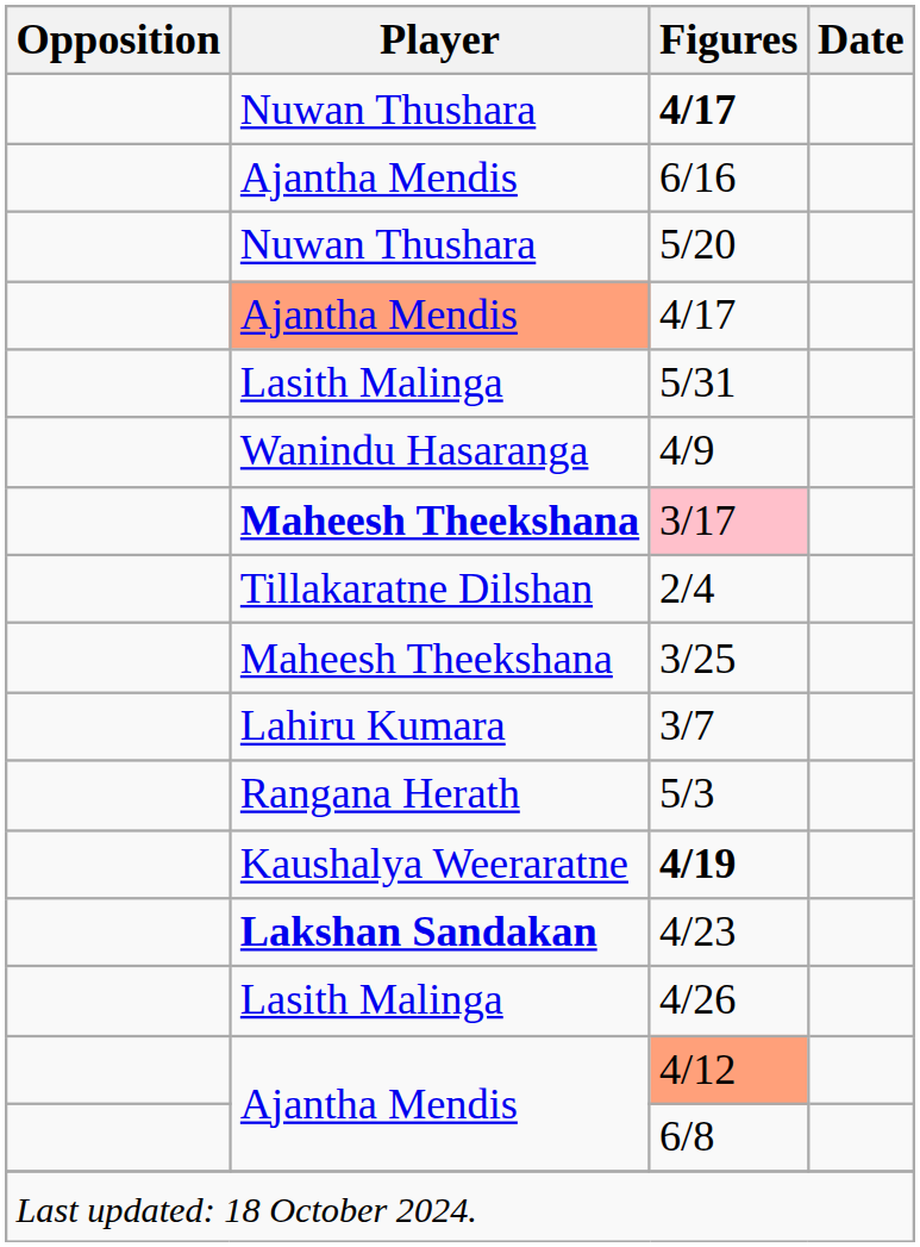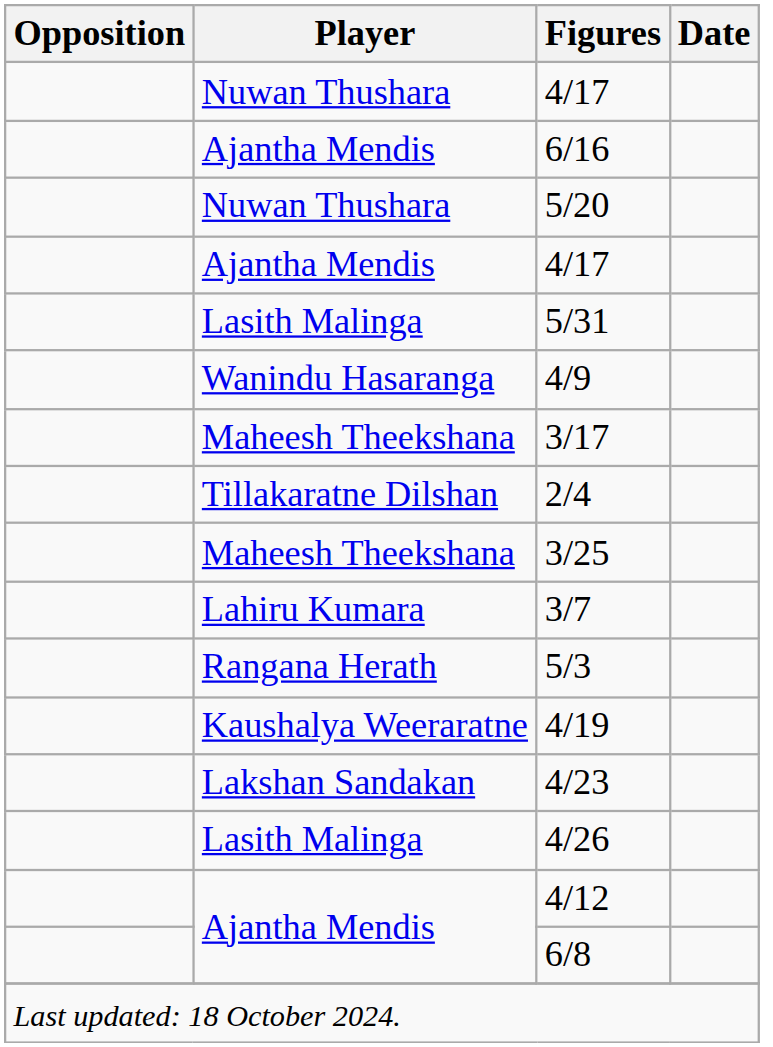 <table class="wikitable sortable">
 <tr>
 <th>Opposition</th>
 <th>Player</th>
 <th>Figures</th>
 <th>Date</th>
 </tr>
 <tr>
 <td></td>
 <td><a href='#'>Nuwan Thushara</a> </td>
-<td><strong>4/17</strong></td>
+<td>4/17</td>
 <td></td>
 </tr>
 <tr>
 <td></td>
 <td><a href='#'>Ajantha Mendis</a></td>
 <td>6/16</td>
 <td></td>
 </tr>
 <tr>
 <td></td>
 <td><a href='#'>Nuwan Thushara</a> </td>
 <td>5/20</td>
 <td></td>
 </tr>
 <tr>
 <td></td>
-<td style="background: lightsalmon;"><a href='#'>Ajantha Mendis</a></td>
+<td><a href='#'>Ajantha Mendis</a></td>
 <td>4/17</td>
 <td></td>
 </tr>
 <tr>
 <td></td>
 <td><a href='#'>Lasith Malinga</a></td>
 <td>5/31</td>
 <td> </td>
 </tr>
 <tr>
 <td></td>
 <td><a href='#'>Wanindu Hasaranga</a> </td>
 <td>4/9</td>
 <td></td>
 </tr>
 <tr>
 <td></td>
-<td><strong><a href='#'>Maheesh Theekshana</a> </strong></td>
-<td style="background: pink;">3/17</td>
+<td><a href='#'>Maheesh Theekshana</a> </td>
+<td>3/17</td>
 <td> </td>
 </tr>
 <tr>
 <td></td>
 <td><a href='#'>Tillakaratne Dilshan</a></td>
 <td>2/4</td>
 <td> </td>
 </tr>
 <tr>
 <td></td>
 <td><a href='#'>Maheesh Theekshana</a> </td>
 <td>3/25</td>
 <td> </td>
 </tr>
 <tr>
 <td></td>
 <td><a href='#'>Lahiru Kumara</a> </td>
 <td>3/7</td>
 <td> </td>
 </tr>
 <tr>
 <td></td>
 <td><a href='#'>Rangana Herath</a></td>
 <td>5/3</td>
 <td> </td>
 </tr>
 <tr>
 <td></td>
 <td><a href='#'>Kaushalya Weeraratne</a></td>
-<td><strong>4/19</strong></td>
+<td>4/19</td>
 <td></td>
 </tr>
 <tr>
 <td></td>
-<td><strong><a href='#'>Lakshan Sandakan</a></strong></td>
+<td><a href='#'>Lakshan Sandakan</a></td>
 <td>4/23</td>
 <td></td>
 </tr>
 <tr>
 <td></td>
 <td><a href='#'>Lasith Malinga</a></td>
 <td>4/26</td>
 <td></td>
 </tr>
 <tr>
 <td></td>
 <td rowspan=2><a href='#'>Ajantha Mendis</a></td>
-<td style="background: lightsalmon;">4/12</td>
+<td>4/12</td>
 <td> </td>
 </tr>
 <tr>
 <td></td>
 <td>6/8</td>
 <td></td>
 </tr>
 <tr>
 </tr>
 <tr class=sortbottom>
 <td colspan=5><small><em>Last updated: 18 October 2024.</em></small></td>
 </tr>
 </table>
